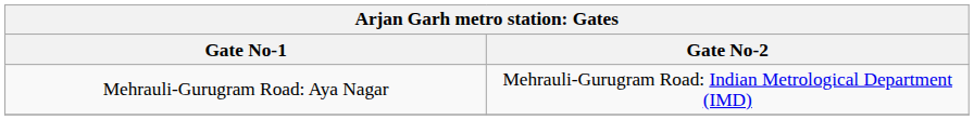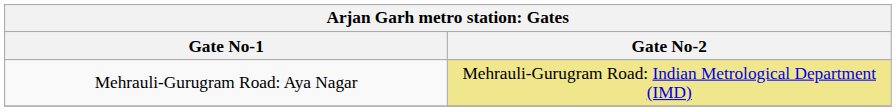 <table class="wikitable" style="text-align: center;" width="65%">
 <tr>
 <th align="center" colspan="5" style="background:#"><span>Arjan Garh metro station: Gates</span></th>
 </tr>
 <tr>
 <th style="width:32.5%;">Gate No-1</th>
 <th style="width:32.5%;">Gate No-2</th>
 </tr>
 <tr>
 <td>Mehrauli-Gurugram Road: Aya Nagar</td>
-<td>Mehrauli-Gurugram Road: <a href='#'>Indian Metrological Department (IMD)</a></td>
+<td style="background: khaki;">Mehrauli-Gurugram Road: <a href='#'>Indian Metrological Department (IMD)</a></td>
 </tr>
 <tr>
 </tr>
 </table>
